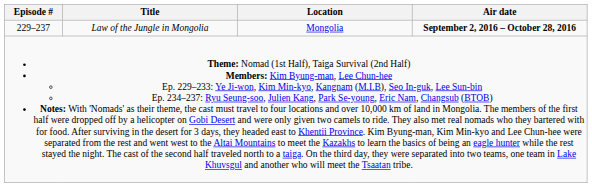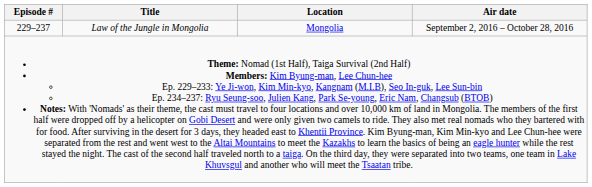 <table class="wikitable" style="text-align:center; font-size:90%; width:100%;">
 <tr>
 <th width="10%">Episode #</th>
 <th width="30%">Title</th>
 <th width="30%">Location</th>
 <th width="30%">Air date</th>
 </tr>
 <tr>
 <td>229–237</td>
 <td><em>Law of the Jungle in Mongolia</em></td>
 <td><a href='#'>Mongolia</a></td>
-<td><strong>September 2, 2016 – October 28, 2016</strong></td>
+<td>September 2, 2016 – October 28, 2016</td>
 </tr>
 <tr>
 <td colspan="4"><br><ul><li><strong>Theme:</strong> Nomad (1st Half), Taiga Survival (2nd Half)</li><li><strong>Members:</strong> <a href='#'>Kim Byung-man</a>, <a href='#'>Lee Chun-hee</a><ul><li>Ep. 229–233: <a href='#'>Ye Ji-won</a>, <a href='#'>Kim Min-kyo</a>, <a href='#'>Kangnam</a> (<a href='#'>M.I.B</a>), <a href='#'>Seo In-guk</a>, <a href='#'>Lee Sun-bin</a></li><li>Ep. 234–237: <a href='#'>Ryu Seung-soo</a>, <a href='#'>Julien Kang</a>, <a href='#'>Park Se-young</a>, <a href='#'>Eric Nam</a>, <a href='#'>Changsub</a> (<a href='#'>BTOB</a>)</li></ul></li><li><strong>Notes:</strong> With 'Nomads' as their theme, the cast must travel to four locations and over 10,000 km of land in Mongolia. The members of the first half were dropped off by a helicopter on <a href='#'>Gobi Desert</a> and were only given two camels to ride. They also met real nomads who they bartered with for food. After surviving in the desert for 3 days, they headed east to <a href='#'>Khentii Province</a>. Kim Byung-man, Kim Min-kyo and Lee Chun-hee were separated from the rest and went west to the <a href='#'>Altai Mountains</a> to meet the <a href='#'>Kazakhs</a> to learn the basics of being an <a href='#'>eagle hunter</a> while the rest stayed the night. The cast of the second half traveled north to a <a href='#'>taiga</a>. On the third day, they were separated into two teams, one team in <a href='#'>Lake Khuvsgul</a> and another who will meet the <a href='#'>Tsaatan</a> tribe.</li></ul></td>
 </tr>
 </table>
